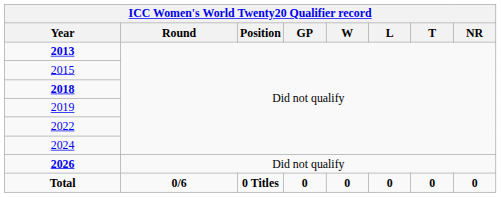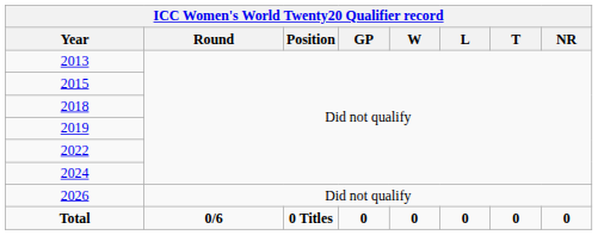 <table class="wikitable" style="text-align: center;">
 <tr>
 <th colspan=8><a href='#'>ICC Women's World Twenty20 Qualifier record</a></th>
 </tr>
 <tr>
 <th width=150>Year</th>
 <th width=150>Round</th>
 <th width=>Position</th>
 <th width=50>GP</th>
 <th width=50>W</th>
 <th width=50>L</th>
 <th width=50>T</th>
 <th width=50>NR</th>
 </tr>
 <tr>
-<td><strong> <a href='#'>2013</a></strong></td>
+<td> <a href='#'>2013</a></td>
 <td colspan=7  rowspan=6>Did not qualify</td>
 </tr>
 <tr>
 <td> <a href='#'>2015</a></td>
 </tr>
 <tr>
-<td><strong> <a href='#'>2018</a></strong></td>
+<td> <a href='#'>2018</a></td>
 </tr>
 <tr>
 <td> <a href='#'>2019</a></td>
 </tr>
 <tr>
 <td> <a href='#'>2022</a></td>
 </tr>
 <tr>
 <td> <a href='#'>2024</a></td>
 </tr>
 <tr>
-<td><strong> <a href='#'>2026</a></strong></td>
+<td> <a href='#'>2026</a></td>
 <td colspan=8>Did not qualify</td>
 </tr>
 <tr>
 <td><strong>Total</strong></td>
 <td><strong>0/6</strong></td>
 <td><strong>0 Titles</strong></td>
 <td><strong>0</strong></td>
 <td><strong>0</strong></td>
 <td><strong>0</strong></td>
 <td><strong>0</strong></td>
 <td><strong>0</strong></td>
 </tr>
 </table>
